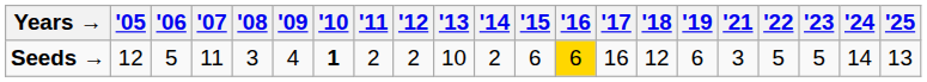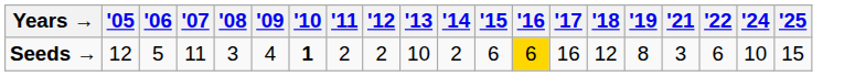 <table class="wikitable">
 <tr>
 <th>Years →</th>
 <th><a href='#'>'05</a></th>
 <th><a href='#'>'06</a></th>
 <th><a href='#'>'07</a></th>
 <th><a href='#'>'08</a></th>
 <th><a href='#'>'09</a></th>
 <th><a href='#'>'10</a></th>
 <th><a href='#'>'11</a></th>
 <th><a href='#'>'12</a></th>
 <th><a href='#'>'13</a></th>
 <th><a href='#'>'14</a></th>
 <th><a href='#'>'15</a></th>
 <th><a href='#'>'16</a></th>
 <th><a href='#'>'17</a></th>
 <th><a href='#'>'18</a></th>
 <th><a href='#'>'19</a></th>
 <th><a href='#'>'21</a></th>
 <th><a href='#'>'22</a></th>
-<th><a href='#'>'23</a></th>
 <th><a href='#'>'24</a></th>
 <th><a href='#'>'25</a></th>
 </tr>
 <tr align=center>
 <td style="text-align:left; "><strong>Seeds →</strong></td>
 <td>12</td>
 <td>5</td>
 <td>11</td>
 <td>3</td>
 <td>4</td>
 <td><strong>1</strong></td>
 <td>2</td>
 <td>2</td>
 <td>10</td>
 <td>2</td>
 <td>6</td>
 <td style="background: gold;">6</td>
 <td>16</td>
 <td>12</td>
+<td>8</td>
+<td>3</td>
 <td>6</td>
-<td>3</td>
-<td>5</td>
-<td>5</td>
-<td>14</td>
-<td>13</td>
+<td>10</td>
+<td>15</td>
 </tr>
 </table>
